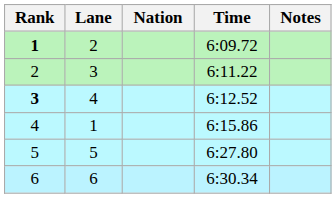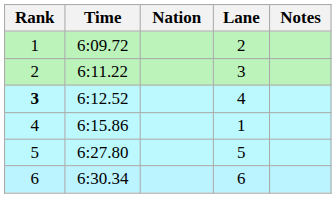 <table class="wikitable sortable" style="text-align:center; width: 35%;">
 <tr>
 <th>Rank</th>
+<th>Time</th>
+<th>Nation</th>
 <th>Lane</th>
-<th>Nation</th>
-<th>Time</th>
 <th>Notes</th>
 </tr>
 <tr bgcolor=bbf3bb>
-<td><strong>1</strong></td>
+<td>1</td>
+<td>6:09.72</td>
+<td align=left></td>
 <td>2</td>
-<td align=left></td>
-<td>6:09.72</td>
 <td></td>
 </tr>
 <tr bgcolor=bbf3bb>
 <td>2</td>
+<td>6:11.22</td>
+<td align=left></td>
 <td>3</td>
-<td align=left></td>
-<td>6:11.22</td>
 <td></td>
 </tr>
 <tr bgcolor=bbf9ff>
 <td><strong>3</strong></td>
+<td>6:12.52</td>
+<td align=left></td>
 <td>4</td>
-<td align=left></td>
-<td>6:12.52</td>
 <td></td>
 </tr>
 <tr bgcolor=bbf9ff>
 <td>4</td>
+<td>6:15.86</td>
+<td align=left></td>
 <td>1</td>
-<td align=left></td>
-<td>6:15.86</td>
 <td></td>
 </tr>
 <tr bgcolor=bbf9ff>
 <td>5</td>
+<td>6:27.80</td>
+<td align=left></td>
 <td>5</td>
-<td align=left></td>
-<td>6:27.80</td>
 <td></td>
 </tr>
 <tr bgcolor=bbf3ff>
 <td>6</td>
+<td>6:30.34</td>
+<td align=left></td>
 <td>6</td>
-<td align=left></td>
-<td>6:30.34</td>
 <td></td>
 </tr>
 </table>
